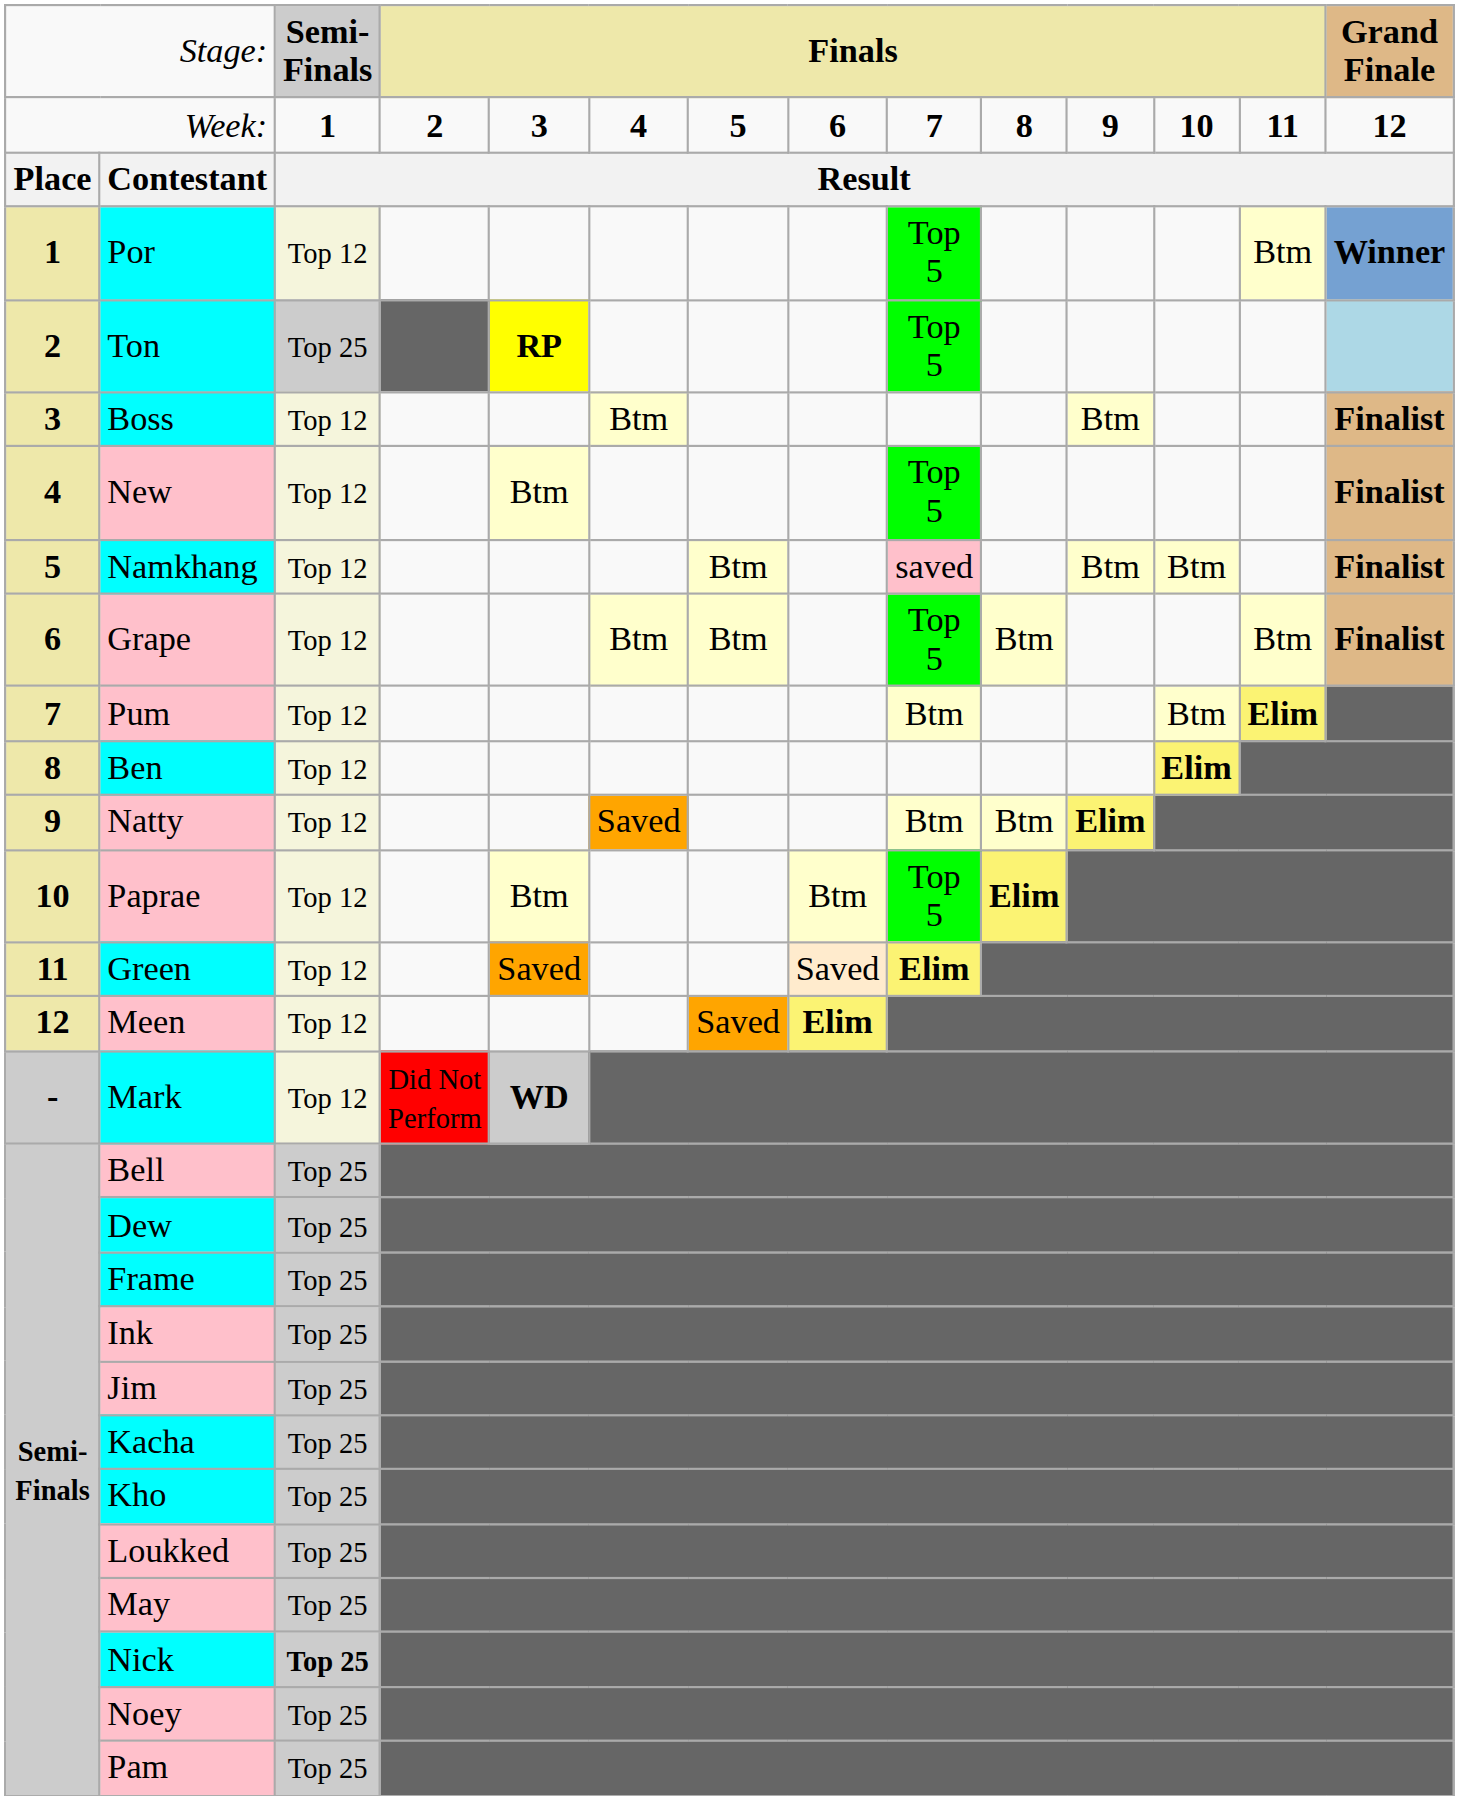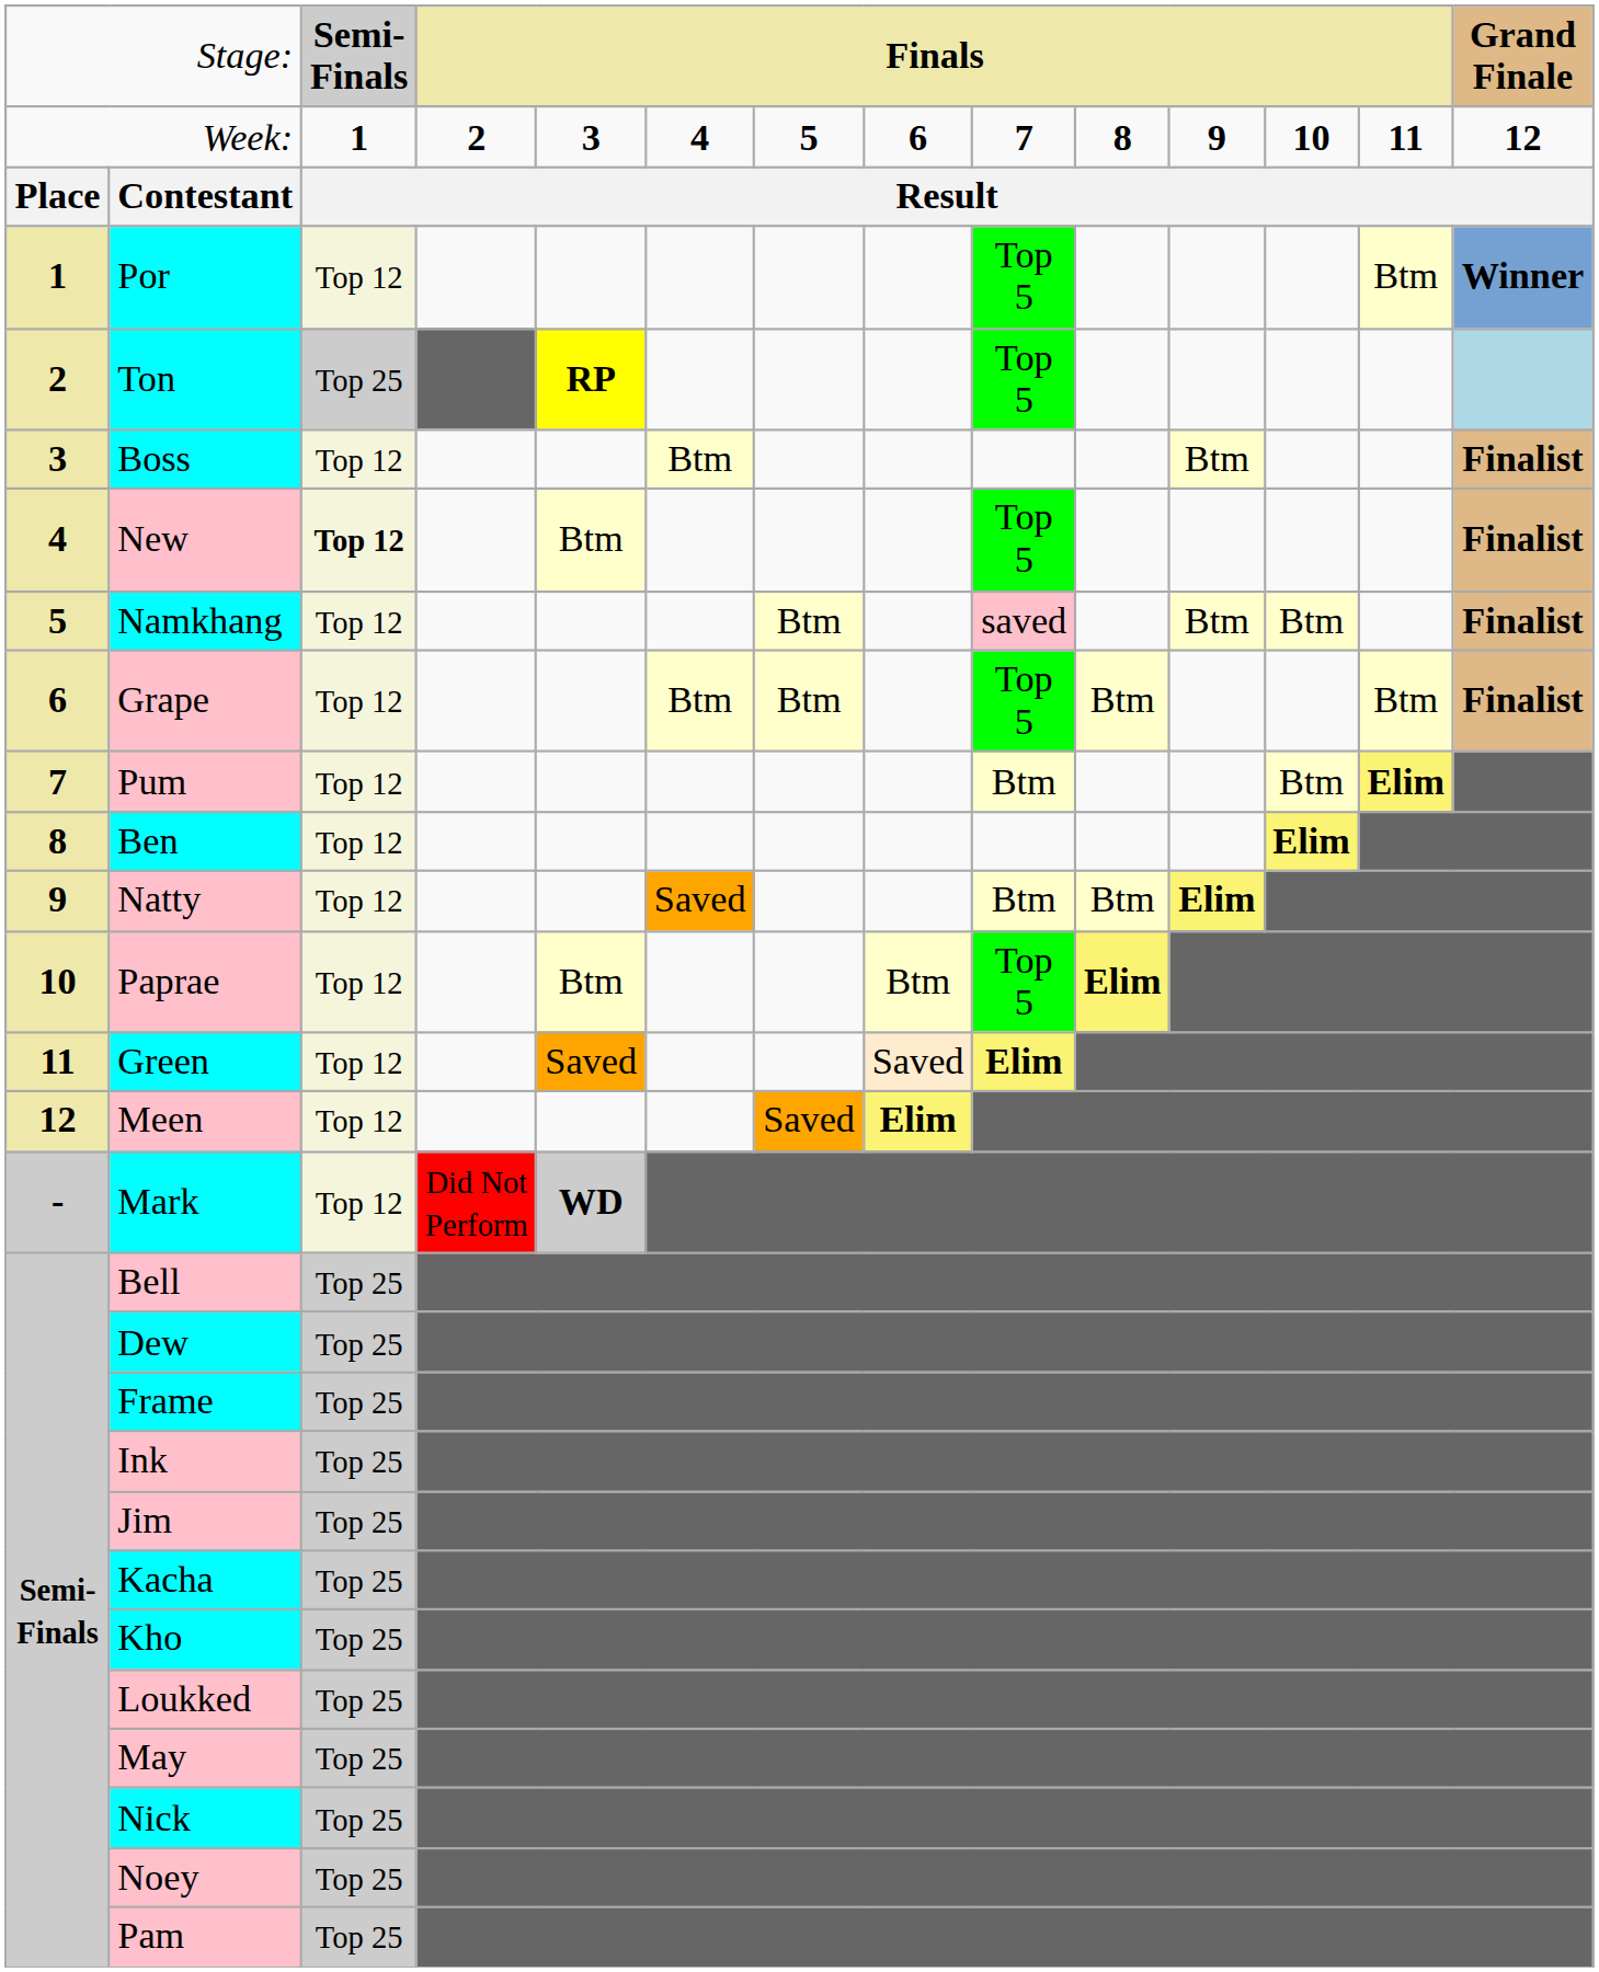 <table class="wikitable" width=40% style="margin: 1em auto;">
 <tr>
 <td width=30% colspan="2" align="right"><em>Stage:</em></td>
 <td colspan="1" bgcolor="CCCCCC" align="Center"><strong>Semi-Finals</strong></td>
 <td colspan="10" bgcolor="palegoldenrod" align="Center"><strong>Finals</strong></td>
 <td colspan="1" bgcolor="#DEB887" align="Center"><strong>Grand Finale</strong></td>
 </tr>
 <tr>
 <td colspan="2" align="right"><em>Week:</em></td>
 <td align="center"><strong>1</strong></td>
 <td align="center"><strong>2</strong></td>
 <td align="center"><strong>3</strong></td>
 <td align="center"><strong>4</strong></td>
 <td align="center"><strong>5</strong></td>
 <td align="center"><strong>6</strong></td>
 <td align="center"><strong>7</strong></td>
 <td align="center"><strong>8</strong></td>
 <td align="center"><strong>9</strong></td>
 <td align="center"><strong>10</strong></td>
 <td align="center"><strong>11</strong></td>
 <td align="center"><strong>12</strong></td>
 </tr>
 <tr>
 <th>Place</th>
 <th>Contestant</th>
 <th colspan="12" align="center">Result</th>
 </tr>
 <tr>
 <td align="center" bgcolor="palegoldenrod"><strong>1</strong></td>
 <td bgcolor="cyan">Por</td>
 <td bgcolor="#F5F5DC" align="center"><small>Top 12</small></td>
 <td></td>
 <td></td>
 <td></td>
 <td></td>
 <td></td>
 <td bgcolor="lime" align="center">Top 5</td>
 <td></td>
 <td></td>
 <td></td>
 <td bgcolor="FFFFCC" align="center">Btm</td>
 <td style="color:black; text-align:center; background-color:#75A1D2"><strong>Winner</strong></td>
 </tr>
 <tr>
 <td align="center" bgcolor="palegoldenrod"><strong>2</strong></td>
 <td bgcolor="cyan">Ton</td>
 <td bgcolor="CCCCCC" align="center"><small>Top 25</small></td>
 <td colspan="1" bgcolor="666666"></td>
 <td bgcolor="yellow" align="center"><strong>RP</strong></td>
 <td></td>
 <td></td>
 <td></td>
 <td bgcolor="lime" align="center">Top 5</td>
 <td></td>
 <td></td>
 <td></td>
 <td></td>
 <td bgcolor="lightblue" align="center"></td>
 </tr>
 <tr>
 <td align="center" bgcolor="palegoldenrod"><strong>3</strong></td>
 <td bgcolor="cyan">Boss</td>
 <td bgcolor="#F5F5DC" align="center"><small>Top 12</small></td>
 <td></td>
 <td></td>
 <td bgcolor="FFFFCC" align="center">Btm</td>
 <td></td>
 <td></td>
 <td></td>
 <td></td>
 <td bgcolor="FFFFCC" align="center">Btm</td>
 <td></td>
 <td></td>
 <td bgcolor="#DEB887" align="center"><strong>Finalist</strong></td>
 </tr>
 <tr>
 <td align="center" bgcolor="palegoldenrod"><strong>4</strong></td>
 <td bgcolor="pink">New</td>
-<td bgcolor="#F5F5DC" align="center"><small>Top 12</small></td>
+<td bgcolor="#F5F5DC" align="center"><strong><small>Top 12</small></strong></td>
 <td></td>
 <td bgcolor="FFFFCC" align="center">Btm</td>
 <td></td>
 <td></td>
 <td></td>
 <td bgcolor="lime" align="center">Top 5</td>
 <td></td>
 <td></td>
 <td></td>
 <td></td>
 <td bgcolor="#DEB887" align="center"><strong>Finalist</strong></td>
 </tr>
 <tr>
 <td align="center" bgcolor="palegoldenrod"><strong>5</strong></td>
 <td bgcolor="cyan">Namkhang</td>
 <td bgcolor="#F5F5DC" align="center"><small>Top 12</small></td>
 <td></td>
 <td></td>
 <td></td>
 <td bgcolor="FFFFCC" align="center">Btm</td>
 <td></td>
 <td style="background: pink;"><span>saved</span></td>
 <td></td>
 <td bgcolor="FFFFCC" align="center">Btm</td>
 <td bgcolor="FFFFCC" align="center">Btm</td>
 <td></td>
 <td bgcolor="#DEB887" align="center"><strong>Finalist</strong></td>
 </tr>
 <tr>
 <td align="center" bgcolor="palegoldenrod"><strong>6</strong></td>
 <td bgcolor="pink">Grape</td>
 <td bgcolor="#F5F5DC" align="center"><small>Top 12</small></td>
 <td></td>
 <td></td>
 <td bgcolor="FFFFCC" align="center">Btm</td>
 <td bgcolor="FFFFCC" align="center">Btm</td>
 <td></td>
 <td bgcolor="lime" align="center">Top 5</td>
 <td bgcolor="FFFFCC" align="center">Btm</td>
 <td></td>
 <td></td>
 <td bgcolor="FFFFCC" align="center">Btm</td>
 <td bgcolor="#DEB887" align="center"><strong>Finalist</strong></td>
 </tr>
 <tr>
 <td align="center" bgcolor="palegoldenrod"><strong>7</strong></td>
 <td bgcolor="pink">Pum</td>
 <td bgcolor="#F5F5DC" align="center"><small>Top 12</small></td>
 <td></td>
 <td></td>
 <td></td>
 <td></td>
 <td></td>
 <td bgcolor="FFFFCC" align="center">Btm</td>
 <td></td>
 <td></td>
 <td bgcolor="FFFFCC" align="center">Btm</td>
 <td bgcolor="FBF373" align="center"><strong>Elim</strong></td>
 <td colspan="6" bgcolor="666666"></td>
 </tr>
 <tr>
 <td align="center" bgcolor="palegoldenrod"><strong>8</strong></td>
 <td bgcolor="cyan">Ben</td>
 <td bgcolor="#F5F5DC" align="center"><small>Top 12</small></td>
 <td></td>
 <td></td>
 <td></td>
 <td></td>
 <td></td>
 <td></td>
 <td></td>
 <td></td>
 <td bgcolor="FBF373" align="center"><strong>Elim</strong></td>
 <td colspan="6" bgcolor="666666"></td>
 </tr>
 <tr>
 <td align="center" bgcolor="palegoldenrod"><strong>9</strong></td>
 <td bgcolor="pink">Natty</td>
 <td bgcolor="#F5F5DC" align="center"><small>Top 12</small></td>
 <td></td>
 <td></td>
 <td bgcolor="orange" align="center">Saved</td>
 <td></td>
 <td></td>
 <td bgcolor="FFFFCC" align="center">Btm</td>
 <td bgcolor="FFFFCC" align="center">Btm</td>
 <td bgcolor="FBF373" align="center"><strong>Elim</strong></td>
 <td colspan="6" bgcolor="666666"></td>
 </tr>
 <tr>
 <td align="center" bgcolor="palegoldenrod"><strong>10</strong></td>
 <td bgcolor="pink">Paprae</td>
 <td bgcolor="#F5F5DC" align="center"><small>Top 12</small></td>
 <td></td>
 <td bgcolor="FFFFCC" align="center">Btm</td>
 <td></td>
 <td></td>
 <td bgcolor="FFFFCC" align="center">Btm</td>
 <td bgcolor="lime" align="center">Top 5</td>
 <td bgcolor="FBF373" align="center"><strong>Elim</strong></td>
 <td colspan="6" bgcolor="666666"></td>
 </tr>
 <tr>
 <td align="center" bgcolor="palegoldenrod"><strong>11</strong></td>
 <td bgcolor="cyan">Green</td>
 <td bgcolor="#F5F5DC" align="center"><small>Top 12</small></td>
 <td></td>
 <td bgcolor="orange" align="center">Saved</td>
 <td></td>
 <td></td>
 <td bgcolor="#FFEBCD" align="center">Saved</td>
 <td bgcolor="FBF373" align="center"><strong>Elim</strong></td>
 <td colspan="6" bgcolor="666666"></td>
 </tr>
 <tr>
 <td align="center" bgcolor="palegoldenrod"><strong>12</strong></td>
 <td bgcolor="pink">Meen</td>
 <td bgcolor="#F5F5DC" align="center"><small>Top 12</small></td>
 <td></td>
 <td></td>
 <td></td>
 <td bgcolor="orange" align="center">Saved</td>
 <td bgcolor="FBF373" align="center"><strong>Elim</strong></td>
 <td colspan="6" bgcolor="666666"></td>
 </tr>
 <tr>
 <td align="center" bgcolor="CCCCCC"><strong>-</strong></td>
 <td bgcolor="cyan">Mark</td>
 <td bgcolor="#F5F5DC" align="center"><small>Top 12</small></td>
 <td bgcolor="red" align="center"><small>Did Not Perform</small></td>
 <td bgcolor="CCCCCC" align="center"><strong>WD</strong></td>
 <td colspan="9" bgcolor="666666"></td>
 </tr>
 <tr>
 <td align="center" bgcolor="#CCCCCC" rowspan="12"><small><strong>Semi-<br>Finals</strong></small></td>
 <td bgcolor="pink">Bell</td>
 <td bgcolor="CCCCCC" align="center"><small>Top 25</small></td>
 <td colspan="11" bgcolor="666666"></td>
 </tr>
 <tr>
 <td bgcolor="cyan">Dew</td>
 <td bgcolor="CCCCCC" align="center"><small>Top 25</small></td>
 <td colspan="11" bgcolor="666666"></td>
 </tr>
 <tr>
 <td bgcolor="cyan">Frame</td>
 <td bgcolor="CCCCCC" align="center"><small>Top 25</small></td>
 <td colspan="11" bgcolor="666666"></td>
 </tr>
 <tr>
 <td bgcolor="pink">Ink</td>
 <td bgcolor="CCCCCC" align="center"><small>Top 25</small></td>
 <td colspan="11" bgcolor="666666"></td>
 </tr>
 <tr>
 <td bgcolor="pink">Jim</td>
 <td bgcolor="CCCCCC" align="center"><small>Top 25</small></td>
 <td colspan="11" bgcolor="666666"></td>
 </tr>
 <tr>
 <td bgcolor="cyan">Kacha</td>
 <td bgcolor="CCCCCC" align="center"><small>Top 25</small></td>
 <td colspan="11" bgcolor="666666"></td>
 </tr>
 <tr>
 <td bgcolor="cyan">Kho</td>
 <td bgcolor="CCCCCC" align="center"><small>Top 25</small></td>
 <td colspan="11" bgcolor="666666"></td>
 </tr>
 <tr>
 <td bgcolor="pink">Loukked</td>
 <td bgcolor="CCCCCC" align="center"><small>Top 25</small></td>
 <td colspan="11" bgcolor="666666"></td>
 </tr>
 <tr>
 <td bgcolor="pink">May</td>
 <td bgcolor="CCCCCC" align="center"><small>Top 25</small></td>
 <td colspan="11" bgcolor="666666"></td>
 </tr>
 <tr>
 <td bgcolor="cyan">Nick</td>
-<td bgcolor="CCCCCC" align="center"><strong><small>Top 25</small></strong></td>
+<td bgcolor="CCCCCC" align="center"><small>Top 25</small></td>
 <td colspan="11" bgcolor="666666"></td>
 </tr>
 <tr>
 <td bgcolor="pink">Noey</td>
 <td bgcolor="CCCCCC" align="center"><small>Top 25</small></td>
 <td colspan="11" bgcolor="666666"></td>
 </tr>
 <tr>
 <td bgcolor="pink">Pam</td>
 <td bgcolor="CCCCCC" align="center"><small>Top 25</small></td>
 <td colspan="11" bgcolor="666666"></td>
 </tr>
 <tr>
 </tr>
 </table>
